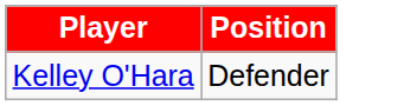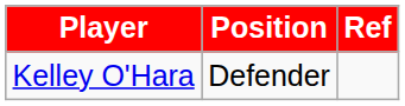 <table class=wikitable>
 <tr>
 <th style="background:#FF0000; color:white;">Player</th>
 <th style="background:#FF0000; color:white;">Position</th>
+<th style="background:#FF0000; color:white;">Ref</th>
 </tr>
 <tr>
 <td> <a href='#'>Kelley O'Hara</a></td>
 <td>Defender</td>
+<td></td>
 </tr>
 </table>
